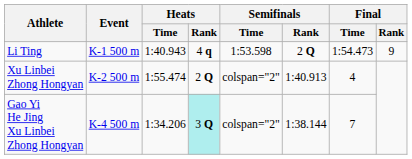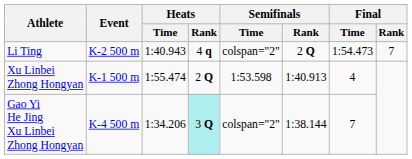 <table class="wikitable" style="font-size:90%">
 <tr>
 <th rowspan=2>Athlete</th>
 <th rowspan=2>Event</th>
 <th colspan=2>Heats</th>
 <th colspan=2>Semifinals</th>
 <th colspan=2>Final</th>
 </tr>
 <tr style="font-size:95%">
 <th>Time</th>
 <th>Rank</th>
 <th>Time</th>
 <th>Rank</th>
 <th>Time</th>
 <th>Rank</th>
 </tr>
 <tr align=center>
 <td align=left><a href='#'>Li Ting</a></td>
-<td align=left><a href='#'>K-1 500 m</a></td>
+<td align=left><a href='#'>K-2 500 m</a></td>
 <td>1:40.943</td>
 <td>4 <strong>q</strong></td>
-<td>1:53.598</td>
+<td>colspan="2" </td>
 <td>2 <strong>Q</strong></td>
 <td>1:54.473</td>
-<td>9</td>
+<td>7</td>
 </tr>
 <tr align=center>
 <td align=left><a href='#'>Xu Linbei</a><br><a href='#'>Zhong Hongyan</a></td>
-<td align=left><a href='#'>K-2 500 m</a></td>
+<td align=left><a href='#'>K-1 500 m</a></td>
 <td>1:55.474</td>
 <td>2 <strong>Q</strong></td>
-<td>colspan="2" </td>
+<td>1:53.598</td>
 <td>1:40.913</td>
 <td>4</td>
 </tr>
 <tr align=center>
 <td align=left><a href='#'>Gao Yi</a><br><a href='#'>He Jing</a><br><a href='#'>Xu Linbei</a><br><a href='#'>Zhong Hongyan</a></td>
 <td align=left><a href='#'>K-4 500 m</a></td>
 <td>1:34.206</td>
 <td style="background: paleturquoise;">3 <strong>Q</strong></td>
 <td>colspan="2" </td>
 <td>1:38.144</td>
 <td>7</td>
 </tr>
 </table>
